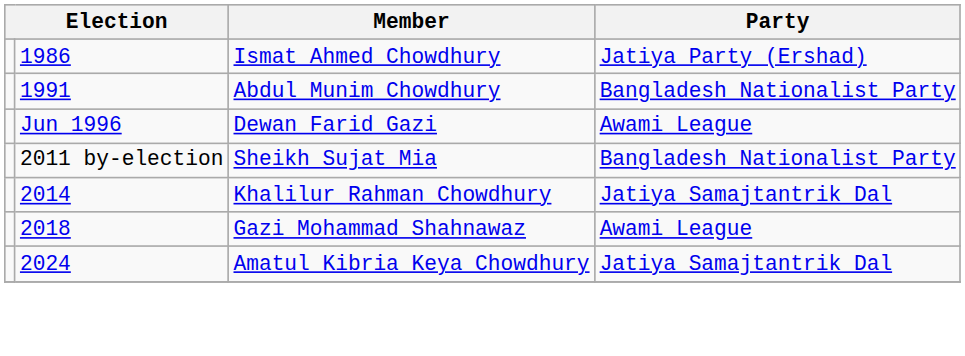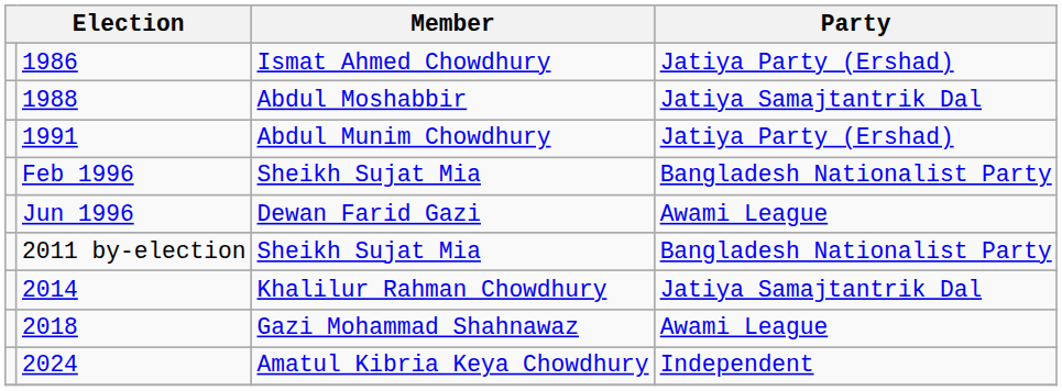 <table class="wikitable">
 <tr>
 <th colspan="2">Election</th>
 <th>Member</th>
 <th>Party</th>
 </tr>
 <tr>
 <td style="background-color:"></td>
 <td><a href='#'>1986</a></td>
 <td><a href='#'>Ismat Ahmed Chowdhury</a></td>
 <td><a href='#'>Jatiya Party (Ershad)</a></td>
 </tr>
 <tr>
+<td></td>
+<td><a href='#'>1988</a></td>
+<td><a href='#'>Abdul Moshabbir</a></td>
+<td><a href='#'>Jatiya Samajtantrik Dal</a></td>
+</tr>
+<tr>
 <td style="background-color:"></td>
 <td><a href='#'>1991</a></td>
 <td><a href='#'>Abdul Munim Chowdhury</a></td>
+<td><a href='#'>Jatiya Party (Ershad)</a></td>
+</tr>
+<tr>
+<td style="background-color:"></td>
+<td><a href='#'>Feb 1996</a></td>
+<td><a href='#'>Sheikh Sujat Mia</a></td>
 <td><a href='#'>Bangladesh Nationalist Party</a></td>
 </tr>
 <tr>
 <td style="background-color:"></td>
 <td><a href='#'>Jun 1996</a></td>
 <td><a href='#'>Dewan Farid Gazi</a></td>
 <td><a href='#'>Awami League</a></td>
 </tr>
 <tr>
 <td style="background-color:"></td>
 <td>2011 by-election</td>
 <td><a href='#'>Sheikh Sujat Mia</a></td>
 <td><a href='#'>Bangladesh Nationalist Party</a></td>
 </tr>
 <tr>
 <td style="background-color:"></td>
 <td><a href='#'>2014</a></td>
 <td><a href='#'>Khalilur Rahman Chowdhury</a></td>
 <td><a href='#'>Jatiya Samajtantrik Dal</a></td>
 </tr>
 <tr>
 <td style="background-color:"></td>
 <td><a href='#'>2018</a></td>
 <td><a href='#'>Gazi Mohammad Shahnawaz</a></td>
 <td><a href='#'>Awami League</a></td>
 </tr>
 <tr>
 <td></td>
 <td><a href='#'>2024</a></td>
 <td><a href='#'>Amatul Kibria Keya Chowdhury</a></td>
-<td><a href='#'>Jatiya Samajtantrik Dal</a></td>
+<td><a href='#'>Independent</a></td>
 </tr>
 <tr>
 </tr>
 </table>
